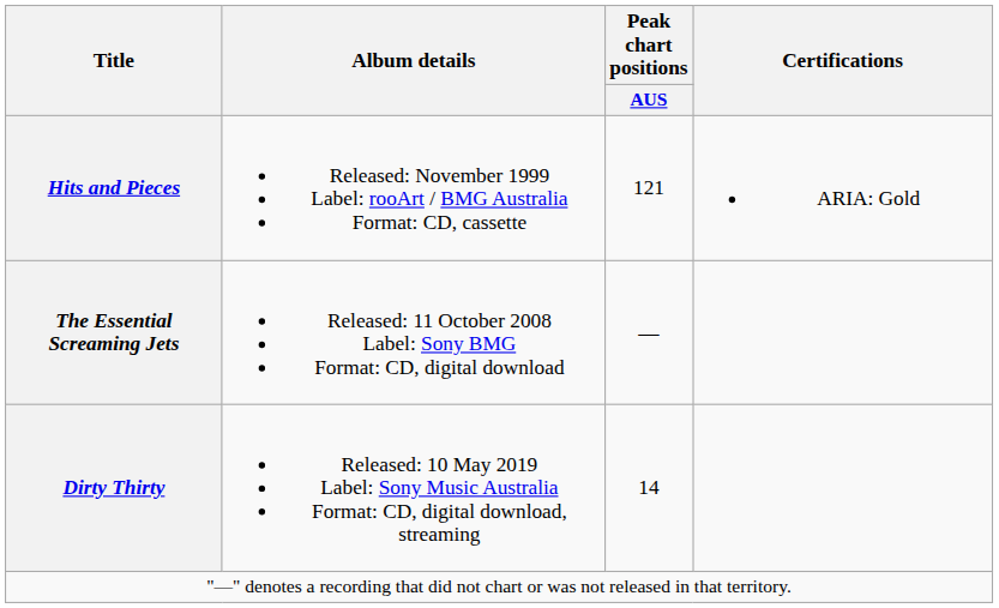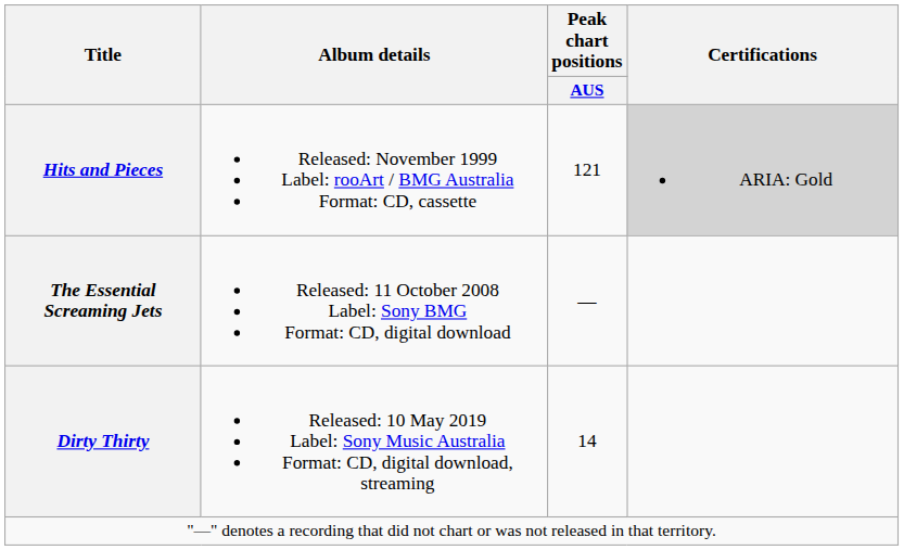 <table class="wikitable plainrowheaders" style="text-align:center;" border="1">
 <tr>
 <th scope="col" rowspan="2" style="width:10em;">Title</th>
 <th scope="col" rowspan="2" style="width:18em;">Album details</th>
 <th scope="col" colspan="1">Peak chart positions</th>
 <th scope="col" rowspan="2" style="width:14em;">Certifications</th>
 </tr>
 <tr>
 <th scope="col" style="width:3em;font-size:90%;"><a href='#'>AUS</a><br></th>
 </tr>
 <tr>
 <th scope="row"><em><a href='#'>Hits and Pieces</a></em></th>
 <td><br><ul><li>Released: November 1999</li><li>Label: <a href='#'>rooArt</a> / <a href='#'>BMG Australia</a></li><li>Format: CD, cassette</li></ul></td>
 <td>121</td>
-<td><br><ul><li>ARIA: Gold</li></ul></td>
+<td style="background: lightgrey;"><br><ul><li>ARIA: Gold</li></ul></td>
 </tr>
 <tr>
 <th scope="row"><em>The Essential Screaming Jets</em></th>
 <td><br><ul><li>Released: 11 October 2008</li><li>Label: <a href='#'>Sony BMG</a></li><li>Format: CD, digital download</li></ul></td>
 <td>—</td>
 <td></td>
 </tr>
 <tr>
 <th scope="row"><em><a href='#'>Dirty Thirty</a></em></th>
 <td><br><ul><li>Released: 10 May 2019 </li><li>Label: <a href='#'>Sony Music Australia</a></li><li>Format: CD, digital download, streaming</li></ul></td>
 <td>14</td>
 <td></td>
 </tr>
 <tr>
 <td colspan="13" style="font-size:90%">"—" denotes a recording that did not chart or was not released in that territory.</td>
 </tr>
 </table>
